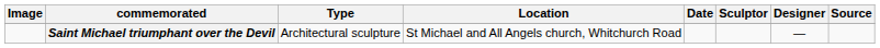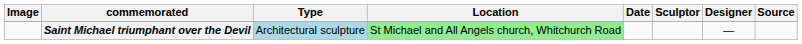 <table class="wikitable sortable">
 <tr>
 <th class="unsortable">Image</th>
 <th> commemorated</th>
 <th>Type</th>
 <th>Location</th>
 <th>Date</th>
 <th>Sculptor</th>
 <th> Designer</th>
 <th class="unsortable">Source</th>
 </tr>
 <tr>
 </tr>
 <tr>
 <td></td>
 <th><em>Saint Michael triumphant over the Devil</em></th>
-<td>Architectural sculpture</td>
-<td>St Michael and All Angels church, Whitchurch Road</td>
+<td style="background: lightblue;">Architectural sculpture</td>
+<td style="background: lightgreen;">St Michael and All Angels church, Whitchurch Road</td>
 <td></td>
 <td></td>
 <td align="center">—</td>
 <td></td>
 </tr>
 </table>
